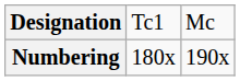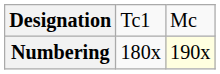 <table class="wikitable">
 <tr>
 <th>Designation</th>
 <td>Tc1</td>
 <td>Mc</td>
 </tr>
 <tr>
 <th>Numbering</th>
 <td>180x</td>
-<td>190x</td>
+<td style="background: lightyellow;">190x</td>
 </tr>
 </table>
